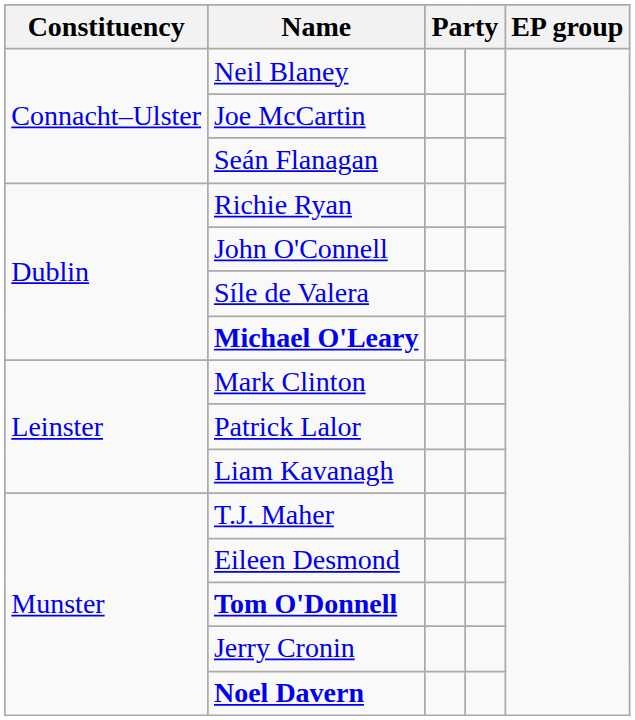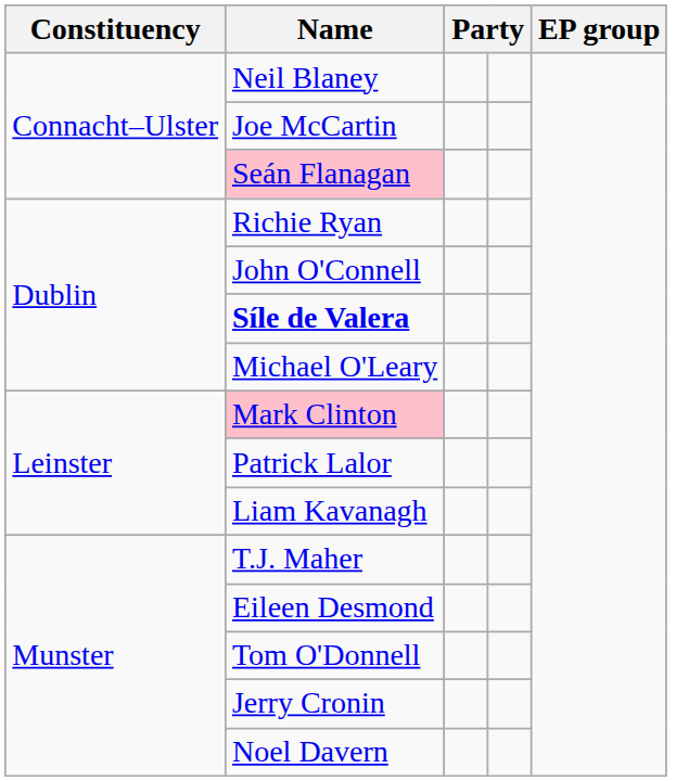 <table class=wikitable>
 <tr>
 <th>Constituency</th>
 <th>Name</th>
 <th colspan=2>Party</th>
 <th colspan=2>EP group</th>
 </tr>
 <tr>
 <td rowspan=3><a href='#'>Connacht–Ulster</a></td>
 <td><a href='#'>Neil Blaney</a></td>
 <td></td>
 <td></td>
 </tr>
 <tr>
 <td><a href='#'>Joe McCartin</a></td>
 <td></td>
 <td></td>
 </tr>
 <tr>
-<td><a href='#'>Seán Flanagan</a></td>
+<td style="background: pink;"><a href='#'>Seán Flanagan</a></td>
 <td></td>
 <td></td>
 </tr>
 <tr>
 <td rowspan=4><a href='#'>Dublin</a></td>
 <td><a href='#'>Richie Ryan</a></td>
 <td></td>
 <td></td>
 </tr>
 <tr>
 <td><a href='#'>John O'Connell</a></td>
 <td></td>
 <td></td>
 </tr>
 <tr>
-<td><a href='#'>Síle de Valera</a></td>
+<td><strong><a href='#'>Síle de Valera</a></strong></td>
 <td></td>
 <td></td>
 </tr>
 <tr>
-<td><strong><a href='#'>Michael O'Leary</a></strong></td>
+<td><a href='#'>Michael O'Leary</a></td>
 <td></td>
 <td></td>
 </tr>
 <tr>
 <td rowspan=3><a href='#'>Leinster</a></td>
-<td><a href='#'>Mark Clinton</a></td>
+<td style="background: pink;"><a href='#'>Mark Clinton</a></td>
 <td></td>
 <td></td>
 </tr>
 <tr>
 <td><a href='#'>Patrick Lalor</a></td>
 <td></td>
 <td></td>
 </tr>
 <tr>
 <td><a href='#'>Liam Kavanagh</a></td>
 <td></td>
 <td></td>
 </tr>
 <tr>
 <td rowspan=5><a href='#'>Munster</a></td>
 <td><a href='#'>T.J. Maher</a></td>
 <td></td>
 <td></td>
 </tr>
 <tr>
 <td><a href='#'>Eileen Desmond</a></td>
 <td></td>
 <td></td>
 </tr>
 <tr>
-<td><strong><a href='#'>Tom O'Donnell</a></strong></td>
+<td><a href='#'>Tom O'Donnell</a></td>
 <td></td>
 <td></td>
 </tr>
 <tr>
 <td><a href='#'>Jerry Cronin</a></td>
 <td></td>
 <td></td>
 </tr>
 <tr>
-<td><strong><a href='#'>Noel Davern</a></strong></td>
+<td><a href='#'>Noel Davern</a></td>
 <td></td>
 <td></td>
 </tr>
 </table>
